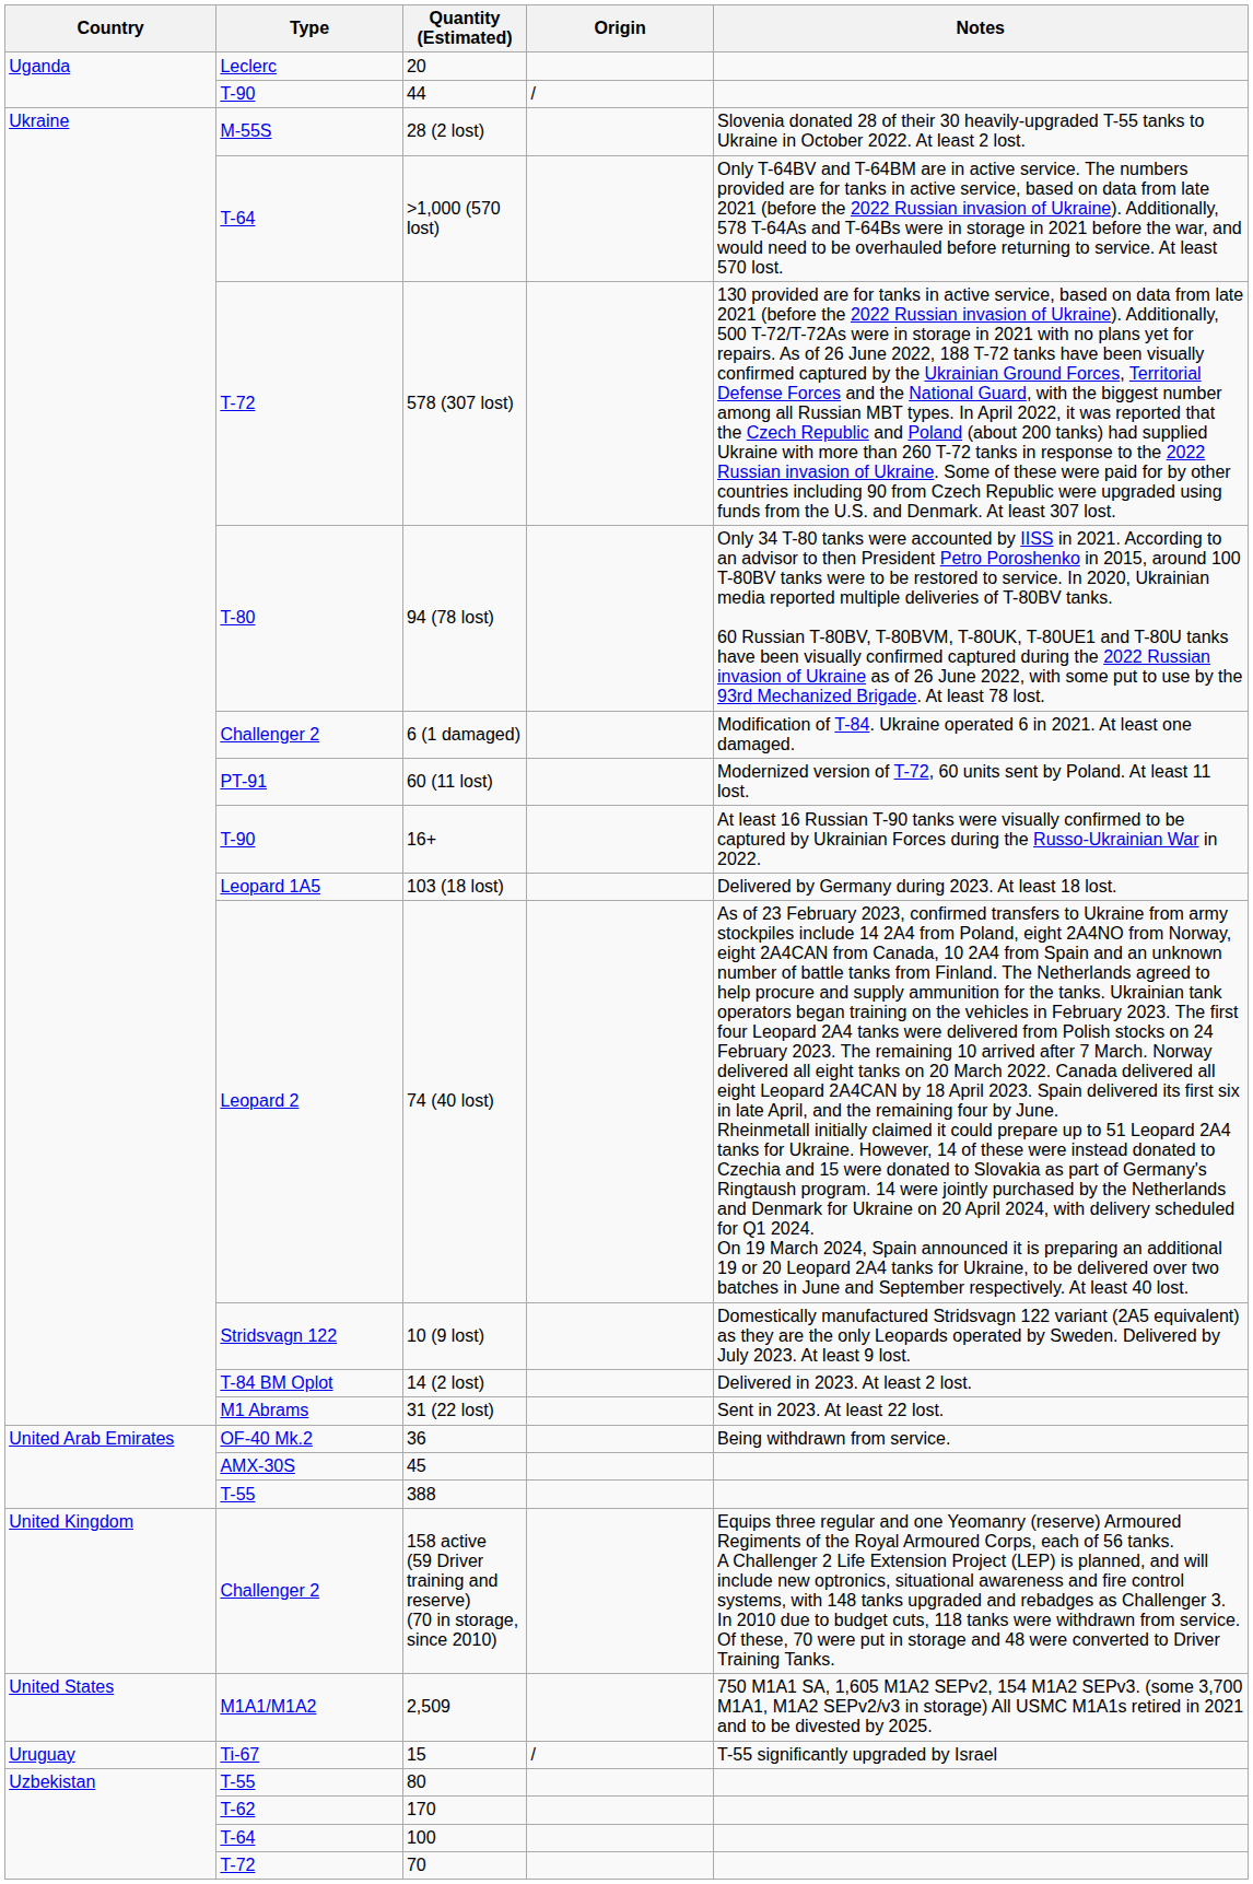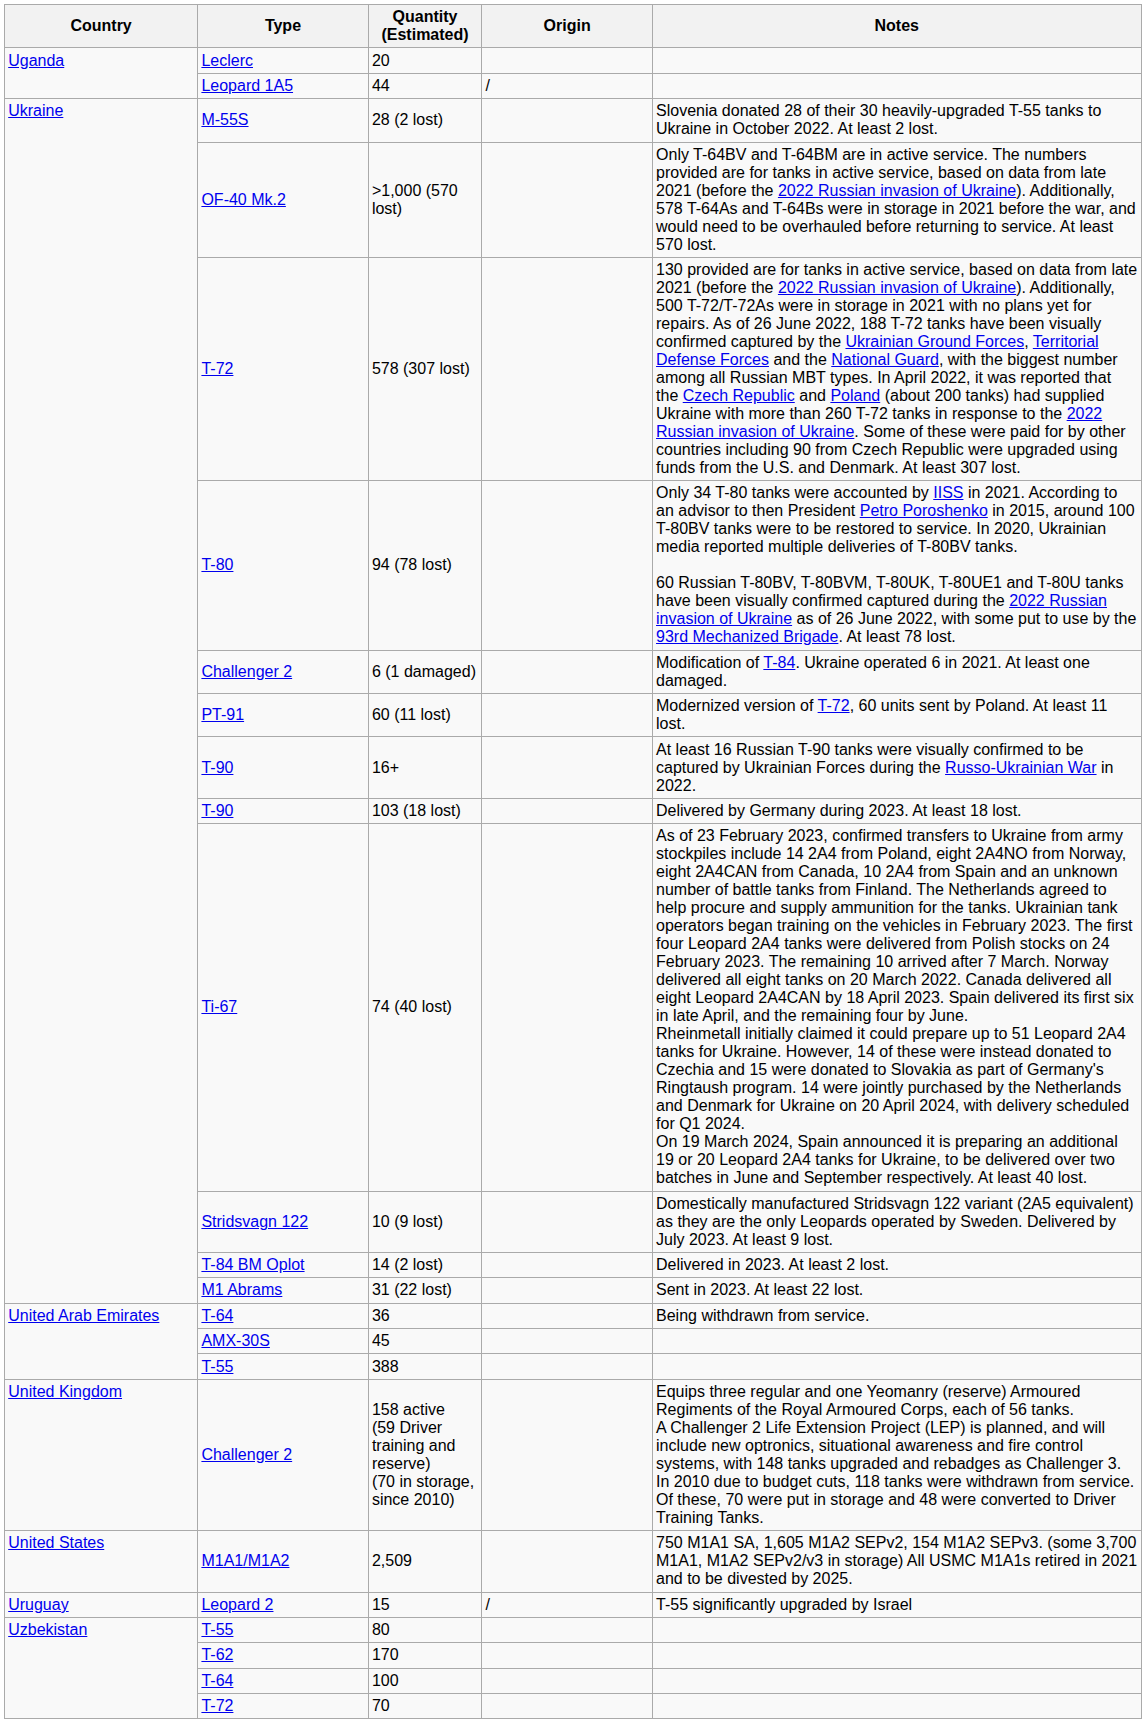 <table class="wikitable" Width="90%">
 <tr>
 <th width="17%">Country</th>
 <th width="15%">Type</th>
 <th width="10%">Quantity (Estimated)</th>
 <th width="15%">Origin</th>
 <th>Notes</th>
 </tr>
 <tr>
 <td rowspan="2" valign="top"><a href='#'>Uganda</a></td>
 <td><a href='#'>Leclerc</a></td>
 <td>20</td>
 <td></td>
 <td></td>
 </tr>
 <tr>
-<td><a href='#'>T-90</a></td>
+<td><a href='#'>Leopard 1A5</a></td>
 <td>44</td>
 <td> /<br></td>
 <td></td>
 </tr>
 <tr>
 <td rowspan="12" valign="top"><a href='#'>Ukraine</a></td>
 <td><a href='#'>M-55S</a></td>
 <td>28 (2 lost)</td>
 <td><br></td>
 <td>Slovenia donated 28 of their 30 heavily-upgraded T-55 tanks to Ukraine in October 2022. At least 2 lost.</td>
 </tr>
 <tr>
-<td><a href='#'>T-64</a></td>
+<td><a href='#'>OF-40 Mk.2</a></td>
 <td>>1,000 (570 lost)</td>
 <td><br></td>
 <td>Only T-64BV and T-64BM are in active service. The numbers provided are for tanks in active service, based on data from late 2021 (before the <a href='#'>2022 Russian invasion of Ukraine</a>). Additionally, 578 T-64As and T-64Bs were in storage in 2021 before the war, and would need to be overhauled before returning to service. At least 570 lost.</td>
 </tr>
 <tr>
 <td><a href='#'>T-72</a></td>
 <td>578 (307 lost)</td>
 <td><br></td>
 <td>130 provided are for tanks in active service, based on data from late 2021 (before the <a href='#'>2022 Russian invasion of Ukraine</a>). Additionally, 500 T-72/T-72As were in storage in 2021 with no plans yet for repairs. As of 26 June 2022, 188 T-72 tanks have been visually confirmed captured by the <a href='#'>Ukrainian Ground Forces</a>, <a href='#'>Territorial Defense Forces</a> and the <a href='#'>National Guard</a>, with the biggest number among all Russian MBT types. In April 2022, it was reported that the <a href='#'>Czech Republic</a> and <a href='#'>Poland</a> (about 200 tanks) had supplied Ukraine with more than 260 T-72 tanks in response to the <a href='#'>2022 Russian invasion of Ukraine</a>. Some of these were paid for by other countries including 90 from Czech Republic were upgraded using funds from the  U.S. and Denmark. At least 307 lost.</td>
 </tr>
 <tr>
 <td><a href='#'>T-80</a></td>
 <td>94 (78 lost)</td>
 <td><br></td>
 <td>Only 34 T-80 tanks were accounted by <a href='#'>IISS</a> in 2021. According to an advisor to then President <a href='#'>Petro Poroshenko</a> in 2015, around 100 T-80BV tanks were to be restored to service. In 2020, Ukrainian media reported multiple deliveries of T-80BV tanks.<br><br>60 Russian T-80BV, T-80BVM, T-80UK, T-80UE1 and T-80U tanks have been visually confirmed captured during the <a href='#'>2022 Russian invasion of Ukraine</a> as of 26 June 2022, with some put to use by the <a href='#'>93rd Mechanized Brigade</a>. At least 78 lost.</td>
 </tr>
 <tr>
 <td><a href='#'>Challenger 2</a></td>
 <td>6 (1 damaged)</td>
 <td></td>
 <td>Modification of <a href='#'>T-84</a>. Ukraine operated 6 in 2021. At least one damaged.</td>
 </tr>
 <tr>
 <td><a href='#'>PT-91</a></td>
 <td>60 (11 lost)</td>
 <td></td>
 <td>Modernized version of <a href='#'>T-72</a>, 60 units sent by Poland. At least 11 lost.</td>
 </tr>
 <tr>
 <td><a href='#'>T-90</a></td>
 <td>16+</td>
 <td><br></td>
 <td>At least 16 Russian T-90 tanks were visually confirmed to be captured by Ukrainian Forces during the <a href='#'>Russo-Ukrainian War</a> in 2022.</td>
 </tr>
 <tr>
-<td><a href='#'>Leopard 1A5</a></td>
+<td><a href='#'>T-90</a></td>
 <td>103 (18 lost)</td>
 <td></td>
 <td>Delivered by Germany during 2023. At least 18 lost.</td>
 </tr>
 <tr>
-<td><a href='#'>Leopard 2</a></td>
+<td><a href='#'>Ti-67</a></td>
 <td>74 (40 lost)</td>
 <td><br></td>
 <td>As of 23 February 2023, confirmed transfers to Ukraine from army stockpiles include 14 2A4 from Poland, eight 2A4NO from Norway, eight 2A4CAN from Canada, 10 2A4 from Spain and an unknown number of battle tanks from Finland. The Netherlands agreed to help procure and supply ammunition for the tanks. Ukrainian tank operators began training on the vehicles in February 2023. The first four Leopard 2A4 tanks were delivered from Polish stocks on 24 February 2023. The remaining 10 arrived after 7 March. Norway delivered all eight tanks on 20 March 2022. Canada delivered all eight Leopard 2A4CAN by 18 April 2023. Spain delivered its first six in late April, and the remaining four by June.<br>Rheinmetall initially claimed it could prepare up to 51 Leopard 2A4 tanks for Ukraine. However, 14 of these were instead donated to Czechia and 15 were donated to Slovakia as part of Germany's Ringtaush program. 14 were jointly purchased by the Netherlands and Denmark for Ukraine on 20 April 2024, with delivery scheduled for Q1 2024.<br>On 19 March 2024, Spain announced it is preparing an additional 19 or 20 Leopard 2A4 tanks for Ukraine, to be delivered over two batches in June and September respectively. At least 40 lost.</td>
 </tr>
 <tr>
 <td><a href='#'>Stridsvagn 122</a></td>
 <td>10 (9 lost)</td>
 <td><br></td>
 <td>Domestically manufactured Stridsvagn 122 variant (2A5 equivalent) as they are the only Leopards operated by Sweden. Delivered by July 2023. At least 9 lost.</td>
 </tr>
 <tr>
 <td><a href='#'>T-84 BM Oplot</a></td>
 <td>14 (2 lost)</td>
 <td></td>
 <td>Delivered in 2023. At least 2 lost.</td>
 </tr>
 <tr>
 <td><a href='#'>M1 Abrams</a></td>
 <td>31 (22 lost)</td>
 <td></td>
 <td>Sent in 2023. At least 22 lost.</td>
 </tr>
 <tr>
 <td rowspan="3" valign="top"><a href='#'>United Arab Emirates</a></td>
-<td><a href='#'>OF-40 Mk.2</a></td>
+<td><a href='#'>T-64</a></td>
 <td>36</td>
 <td></td>
 <td>Being withdrawn from service.</td>
 </tr>
 <tr>
 <td><a href='#'>AMX-30S</a></td>
 <td>45</td>
 <td></td>
 <td></td>
 </tr>
 <tr>
 <td><a href='#'>T-55</a></td>
 <td>388</td>
 <td></td>
 <td></td>
 </tr>
 <tr>
 <td rowspan="1" valign="top"><a href='#'>United Kingdom</a></td>
 <td><a href='#'>Challenger 2</a></td>
 <td>158 active<br>(59 Driver training and reserve)<br>(70 in storage, since 2010)</td>
 <td></td>
 <td>Equips three regular and one Yeomanry (reserve) Armoured Regiments of the Royal Armoured Corps, each of 56 tanks.<br>A Challenger 2 Life Extension Project (LEP) is planned, and will include new optronics, situational awareness and fire control systems, with 148 tanks upgraded and rebadges as Challenger 3. In 2010 due to budget cuts, 118 tanks were withdrawn from service. Of these, 70 were put in storage and 48 were converted to Driver Training Tanks.</td>
 </tr>
 <tr>
 <td rowspan="1" valign="top"><a href='#'>United States</a></td>
 <td><a href='#'>M1A1/M1A2</a></td>
 <td>2,509</td>
 <td></td>
 <td>750 M1A1 SA, 1,605 M1A2 SEPv2, 154 M1A2 SEPv3. (some 3,700 M1A1, M1A2 SEPv2/v3 in storage) All USMC M1A1s retired in 2021 and to be divested by 2025.</td>
 </tr>
 <tr>
 <td rowspan="1" valign="top"><a href='#'>Uruguay</a></td>
-<td><a href='#'>Ti-67</a></td>
+<td><a href='#'>Leopard 2</a></td>
 <td>15</td>
 <td>/</td>
 <td>T-55 significantly upgraded by Israel</td>
 </tr>
 <tr>
 <td rowspan="4" valign="top"><a href='#'>Uzbekistan</a></td>
 <td><a href='#'>T-55</a></td>
 <td>80</td>
 <td></td>
 <td></td>
 </tr>
 <tr>
 <td><a href='#'>T-62</a></td>
 <td>170</td>
 <td></td>
 <td></td>
 </tr>
 <tr>
 <td><a href='#'>T-64</a></td>
 <td>100</td>
 <td></td>
 <td></td>
 </tr>
 <tr>
 <td><a href='#'>T-72</a></td>
 <td>70</td>
 <td></td>
 <td></td>
 </tr>
 </table>
